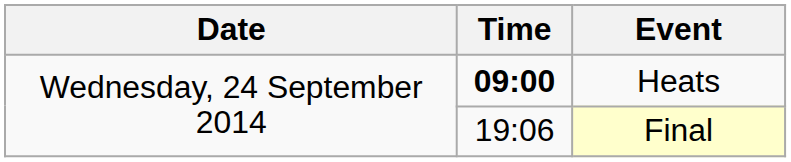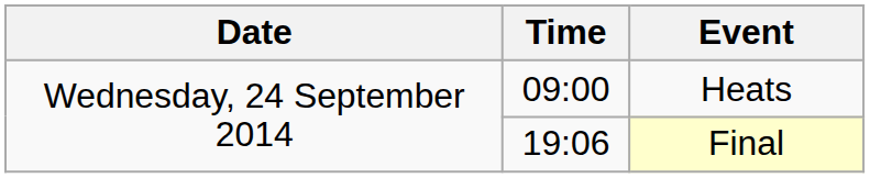 <table class = "wikitable" style="text-align:center;">
 <tr>
 <th width=220>Date</th>
 <th width=50>Time</th>
 <th width=100>Event</th>
 </tr>
 <tr>
 <td rowspan=2>Wednesday, 24 September 2014</td>
-<td><strong>09:00</strong></td>
+<td>09:00</td>
 <td>Heats</td>
 </tr>
 <tr>
 <td>19:06</td>
 <td bgcolor=ffffcc>Final</td>
 </tr>
 </table>
